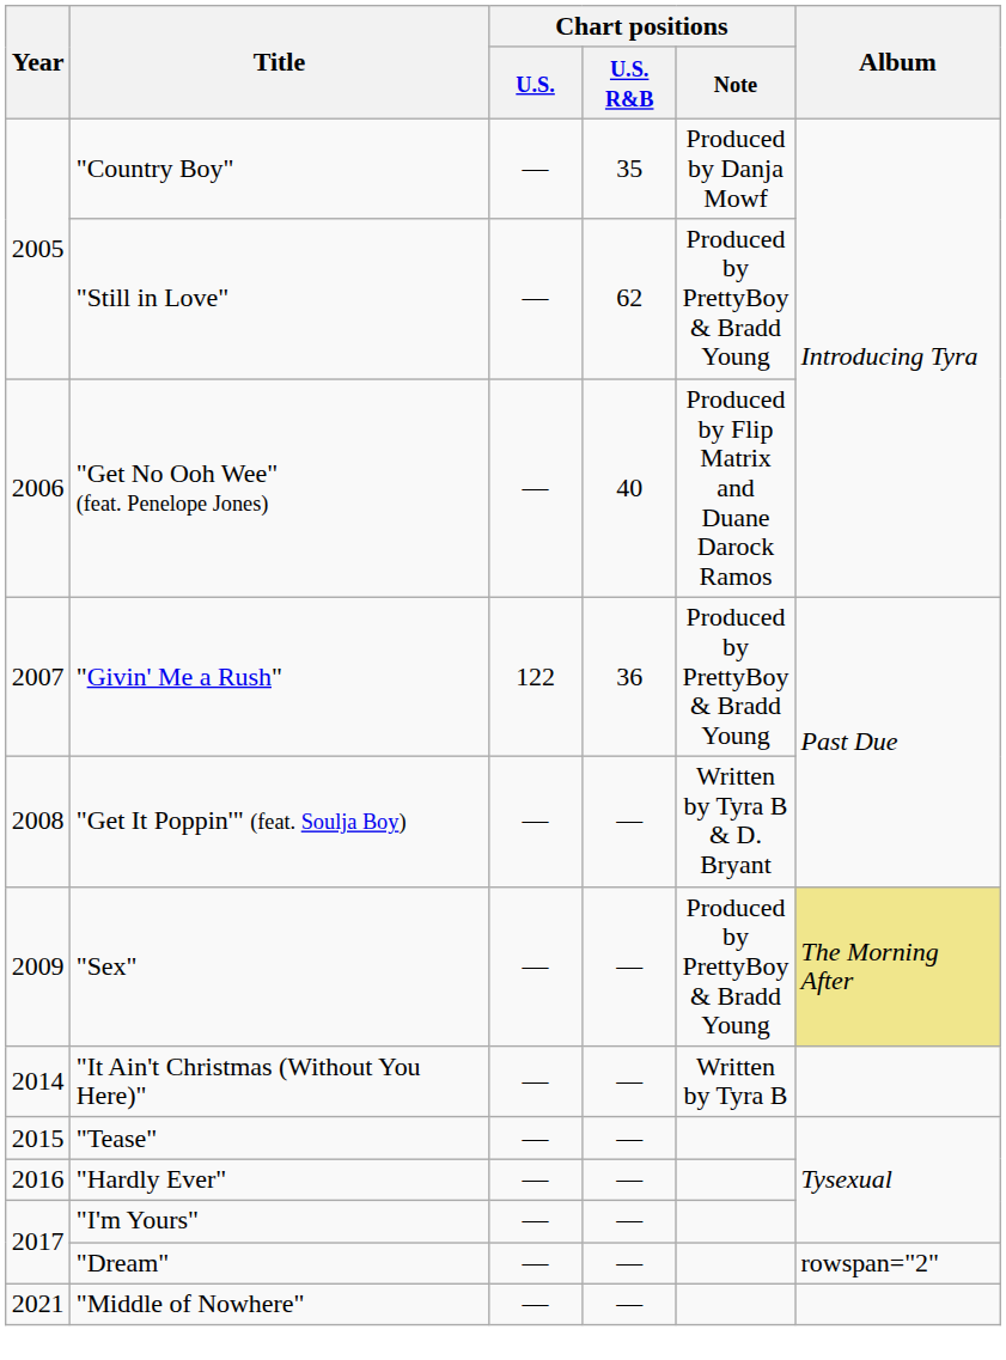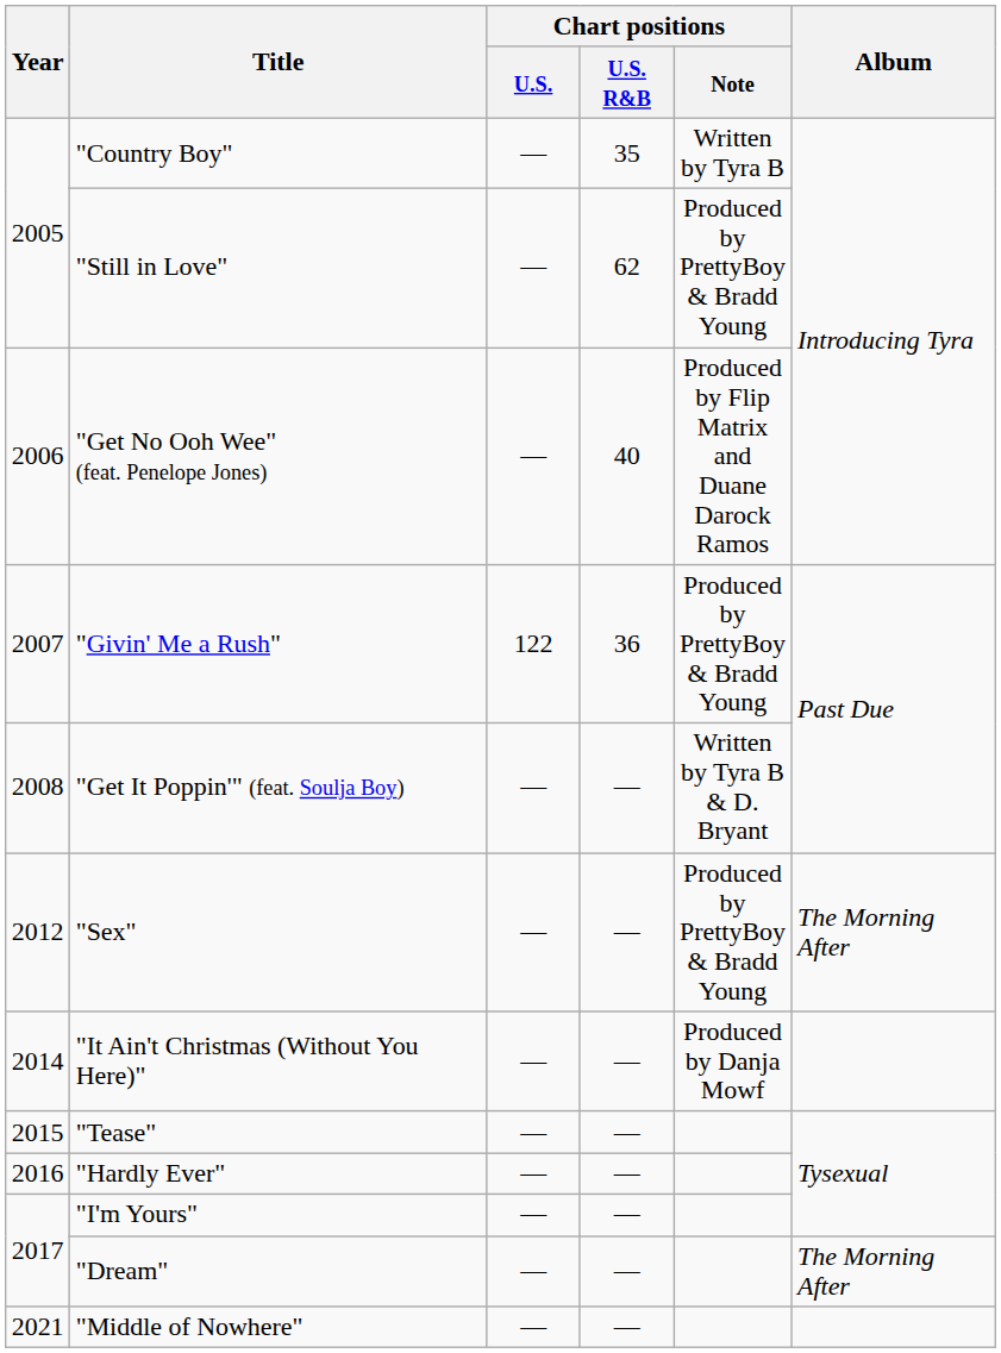 <table class="wikitable">
 <tr>
 <th rowspan="2">Year</th>
 <th rowspan="2">Title</th>
 <th colspan="3">Chart positions</th>
 <th rowspan="2">Album</th>
 </tr>
 <tr>
 <th width="50"><small><a href='#'>U.S.</a></small></th>
 <th width="50"><small><a href='#'>U.S. R&B</a></small></th>
 <th width="50"><small>Note</small></th>
 </tr>
 <tr tyr>
 <td align="center" rowspan="2">2005</td>
 <td>"Country Boy"</td>
 <td align="center">—</td>
 <td align="center">35</td>
-<td align="center">Produced by Danja Mowf</td>
+<td align="center">Written by Tyra B</td>
 <td rowspan="3"><em>Introducing Tyra</em></td>
 </tr>
 <tr>
 <td align="left">"Still in Love"</td>
 <td align="center">—</td>
 <td align="center">62</td>
 <td align="center">Produced by PrettyBoy & Bradd Young</td>
 </tr>
 <tr>
 <td align="center" rowspan="1">2006</td>
 <td align="left">"Get No Ooh Wee"<br><small>(feat. Penelope Jones)</small></td>
 <td align="center">—</td>
 <td align="center">40</td>
 <td align="center">Produced by Flip Matrix and Duane Darock Ramos</td>
 </tr>
 <tr>
 <td align="center" rowspan="1">2007</td>
 <td>"<a href='#'>Givin' Me a Rush</a>"</td>
 <td align="center">122</td>
 <td align="center">36</td>
 <td align="center">Produced by PrettyBoy & Bradd Young</td>
 <td rowspan="2"><em>Past Due</em></td>
 </tr>
 <tr>
 <td align="center" rowspan="1">2008</td>
 <td>"Get It Poppin'" <small>(feat. <a href='#'>Soulja Boy</a>)</small></td>
 <td align="center">—</td>
 <td align="center">—</td>
 <td align="center">Written by Tyra B & D. Bryant</td>
 </tr>
 <tr>
-<td align="center" rowspan="1">2009</td>
+<td align="center" rowspan="1">2012</td>
 <td>"Sex"</td>
 <td align="center">—</td>
 <td align="center">—</td>
 <td align="center">Produced by PrettyBoy & Bradd Young</td>
-<td rowspan="1" style="background: khaki;"><em>The Morning After</em></td>
+<td rowspan="1"><em>The Morning After</em></td>
 </tr>
 <tr>
 <td align="center">2014</td>
 <td>"It Ain't Christmas (Without You Here)"</td>
 <td align="center">—</td>
 <td align="center">—</td>
-<td align="center">Written by Tyra B</td>
+<td align="center">Produced by Danja Mowf</td>
 <td></td>
 </tr>
 <tr>
 <td align="center" rowspan="1">2015</td>
 <td>"Tease"</td>
 <td align="center">—</td>
 <td align="center">—</td>
 <td align="center"></td>
 <td rowspan="3"><em>Tysexual</em></td>
 </tr>
 <tr>
 <td align="center" rowspan="1">2016</td>
 <td>"Hardly Ever"</td>
 <td align="center">—</td>
 <td align="center">—</td>
 <td align="center"></td>
 </tr>
 <tr>
 <td align="center" rowspan="2">2017</td>
 <td>"I'm Yours"</td>
 <td align="center">—</td>
 <td align="center">—</td>
 <td align="center"></td>
 </tr>
 <tr>
 <td>"Dream"</td>
 <td align="center">—</td>
 <td align="center">—</td>
 <td align="center"></td>
-<td>rowspan="2" </td>
+<td rowspan="1"><em>The Morning After</em></td>
 </tr>
 <tr>
 <td>2021</td>
 <td>"Middle of Nowhere"</td>
 <td align="center">—</td>
 <td align="center">—</td>
 <td align="center"></td>
 </tr>
 </table>
